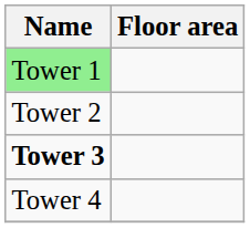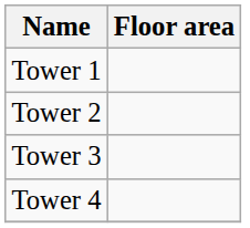 <table class="wikitable sortable">
 <tr>
 <th>Name</th>
 <th>Floor area</th>
 </tr>
 <tr>
-<td style="background: lightgreen;">Tower 1</td>
+<td>Tower 1</td>
 <td></td>
 </tr>
 <tr>
 <td>Tower 2</td>
 <td></td>
 </tr>
 <tr>
-<td><strong>Tower 3</strong></td>
+<td>Tower 3</td>
 <td></td>
 </tr>
 <tr>
 <td>Tower 4</td>
 <td></td>
 </tr>
 <tr>
 </tr>
 </table>
